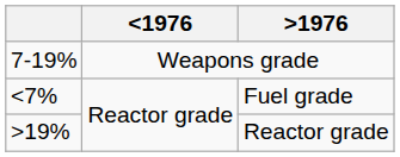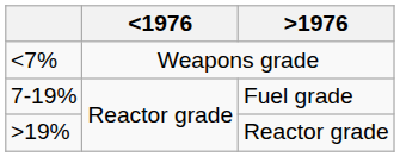 <table class="wikitable" align="right">
 <tr>
 <th></th>
 <th><1976</th>
 <th>>1976</th>
 </tr>
 <tr>
-<td>7-19%</td>
+<td><7%</td>
 <td colspan="2" align="center">Weapons grade</td>
 </tr>
 <tr>
-<td><7%</td>
+<td>7-19%</td>
 <td rowspan="2" align="center">Reactor grade</td>
 <td border="1px">Fuel grade</td>
 </tr>
 <tr>
 <td>>19%</td>
 <td colspan="2" align="center">Reactor grade</td>
 </tr>
 </table>
